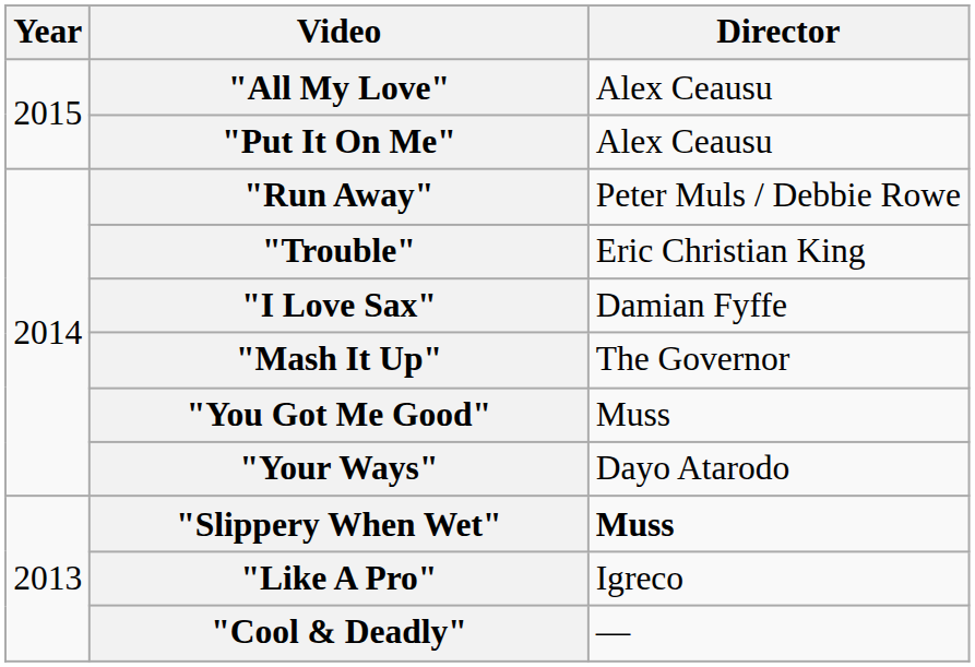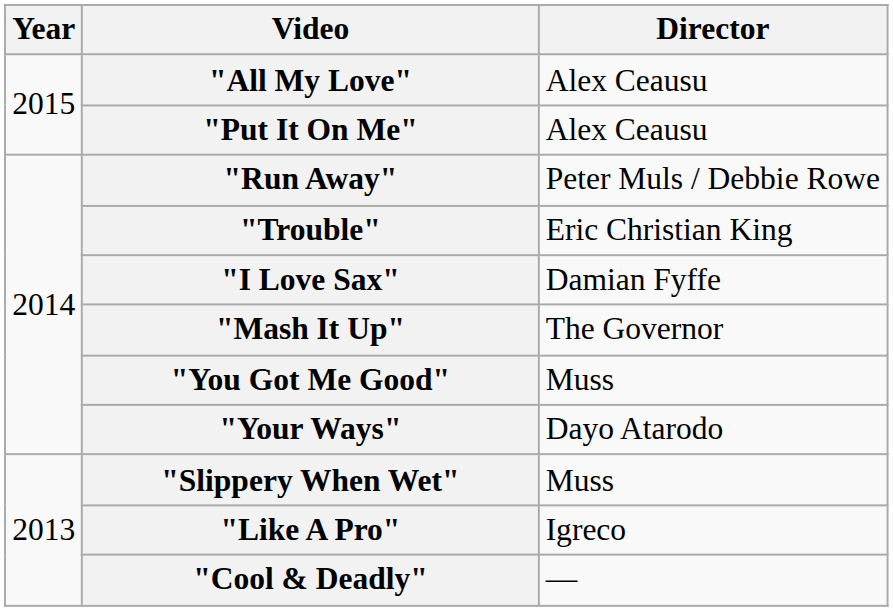 <table class="wikitable plainrowheaders">
 <tr>
 <th>Year</th>
 <th style="width:14em;">Video</th>
 <th>Director</th>
 </tr>
 <tr>
 <td rowspan = 2>2015</td>
 <th scope="row">"All My Love"</th>
 <td>Alex Ceausu</td>
 </tr>
 <tr>
 <th scope="row">"Put It On Me"</th>
 <td>Alex Ceausu</td>
 </tr>
 <tr>
 <td rowspan = 6>2014</td>
 <th scope="row">"Run Away"</th>
 <td>Peter Muls / Debbie Rowe</td>
 </tr>
 <tr>
 <th scope="row">"Trouble"</th>
 <td>Eric Christian King</td>
 </tr>
 <tr>
 <th scope="row">"I Love Sax"</th>
 <td>Damian Fyffe</td>
 </tr>
 <tr>
 <th scope="row">"Mash It Up"</th>
 <td>The Governor</td>
 </tr>
 <tr>
 <th scope="row">"You Got Me Good"</th>
 <td>Muss</td>
 </tr>
 <tr>
 <th scope="row">"Your Ways"</th>
 <td>Dayo Atarodo</td>
 </tr>
 <tr>
 <td rowspan = 3>2013</td>
 <th scope="row">"Slippery When Wet"</th>
-<td><strong>Muss</strong></td>
+<td>Muss</td>
 </tr>
 <tr>
 <th scope="row">"Like A Pro"</th>
 <td>Igreco</td>
 </tr>
 <tr>
 <th scope="row">"Cool & Deadly"</th>
 <td>—</td>
 </tr>
 </table>
